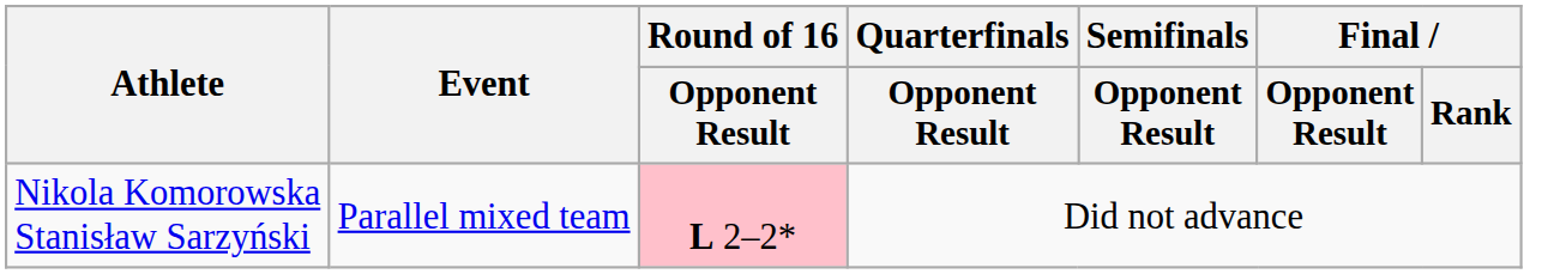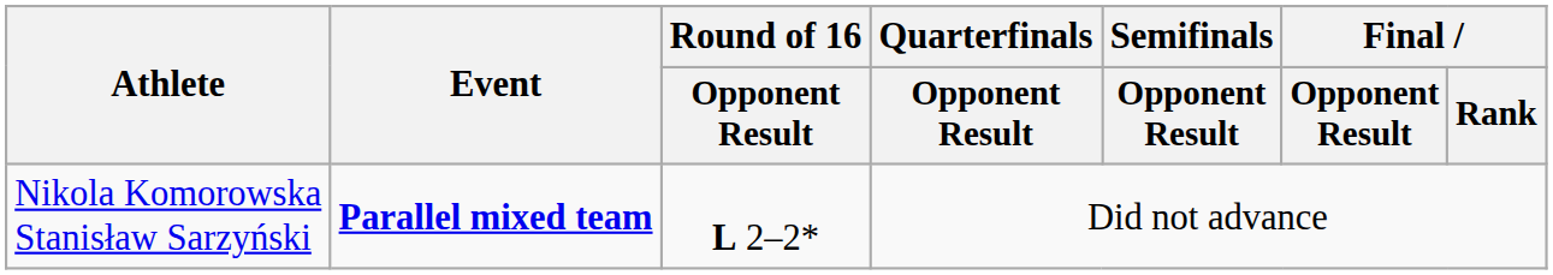 <table class="wikitable" style="font-size:90%">
 <tr>
 <th rowspan="2">Athlete</th>
 <th rowspan="2">Event</th>
 <th>Round of 16</th>
 <th>Quarterfinals</th>
 <th>Semifinals</th>
 <th colspan=2>Final / </th>
 </tr>
 <tr style="font-size:95%">
 <th>Opponent<br>Result</th>
 <th>Opponent<br>Result</th>
 <th>Opponent<br>Result</th>
 <th>Opponent<br>Result</th>
 <th>Rank</th>
 </tr>
 <tr align=center>
 <td align=left><a href='#'>Nikola Komorowska</a><br><a href='#'>Stanisław Sarzyński</a></td>
-<td align=left><a href='#'>Parallel mixed team</a></td>
-<td style="background: pink;"><br><strong>L</strong> 2–2*</td>
+<td align=left><strong><a href='#'>Parallel mixed team</a></strong></td>
+<td><br><strong>L</strong> 2–2*</td>
 <td colspan=4>Did not advance</td>
 </tr>
 </table>
